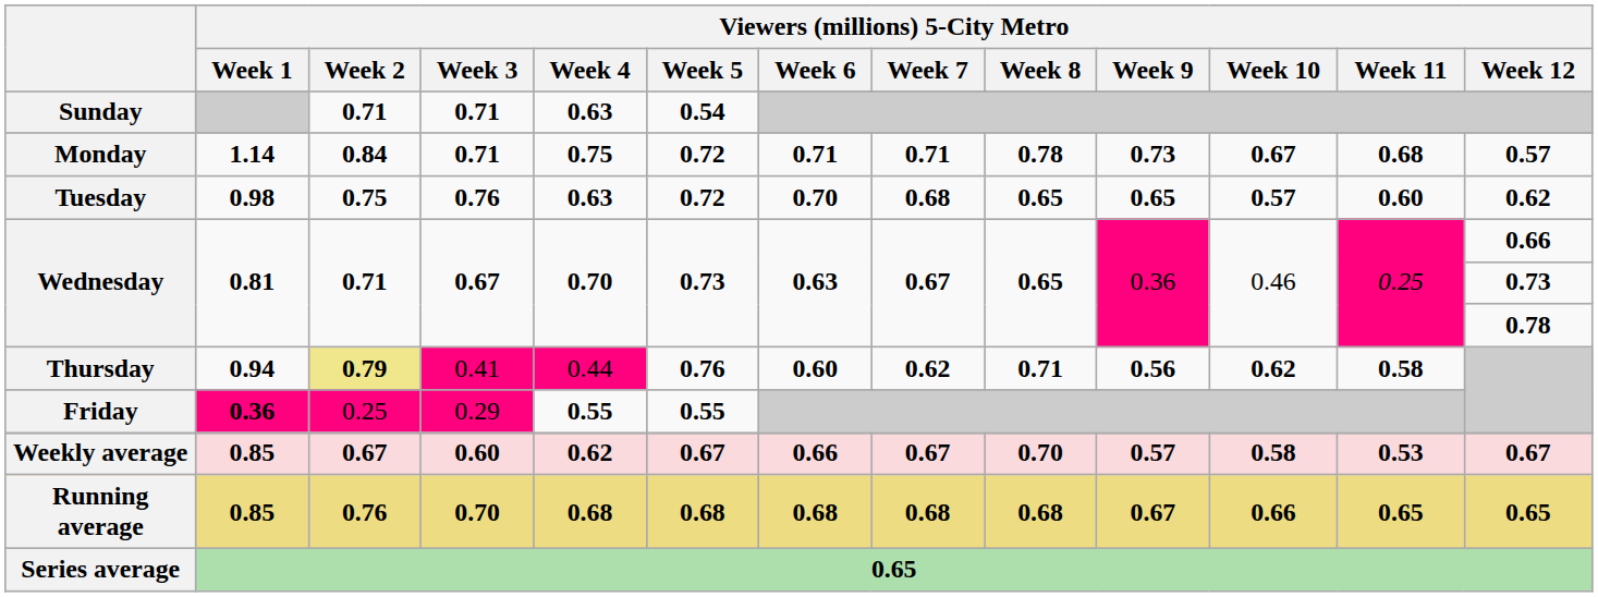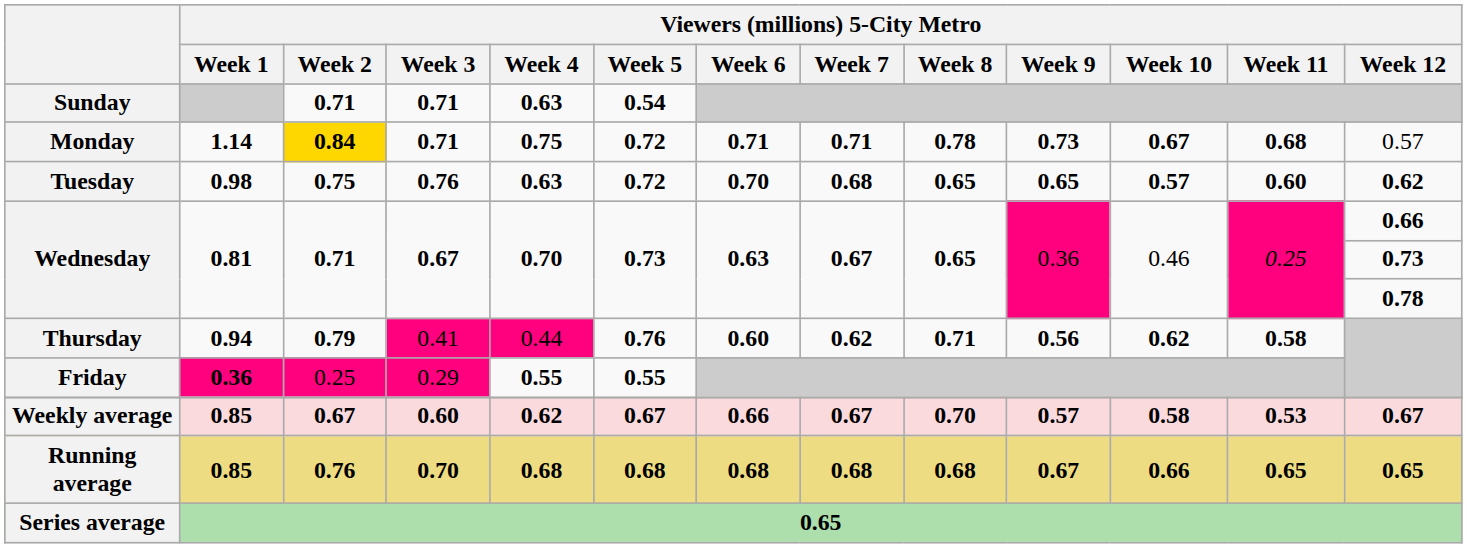 <table class="wikitable" style="font-size:90%; text-align:center; width: 100%; margin-left: auto; margin-right: auto;">
 <tr>
 <th scope="col" rowspan="2" style="width:12%;"></th>
 <th scope=col colspan=12>Viewers (millions) 5-City Metro</th>
 </tr>
 <tr>
 <th>Week 1</th>
 <th>Week 2</th>
 <th>Week 3</th>
 <th>Week 4</th>
 <th>Week 5</th>
 <th>Week 6</th>
 <th>Week 7</th>
 <th>Week 8</th>
 <th>Week 9</th>
 <th>Week 10</th>
 <th>Week 11</th>
 <th>Week 12</th>
 </tr>
 <tr>
 <th>Sunday</th>
 <td style="background:#CCCCCC;"></td>
 <td><strong>0.71</strong></td>
 <td><strong>0.71</strong></td>
 <td><strong>0.63</strong></td>
 <td><strong>0.54</strong></td>
 <td style="background:#CCCCCC;" colspan=7></td>
 </tr>
 <tr>
 <th>Monday</th>
 <td><strong>1.14</strong></td>
-<td><strong>0.84</strong></td>
+<td style="background: gold;"><strong>0.84</strong></td>
 <td><strong>0.71</strong></td>
 <td><strong>0.75</strong></td>
 <td><strong>0.72</strong></td>
 <td><strong>0.71</strong></td>
 <td><strong>0.71</strong></td>
 <td><strong>0.78</strong></td>
 <td><strong>0.73</strong></td>
 <td><strong>0.67</strong></td>
 <td><strong>0.68</strong></td>
-<td><strong>0.57</strong></td>
+<td>0.57</td>
 </tr>
 <tr>
 <th>Tuesday</th>
 <td><strong>0.98</strong></td>
 <td><strong>0.75</strong></td>
 <td><strong>0.76</strong></td>
 <td><strong>0.63</strong></td>
 <td><strong>0.72</strong></td>
 <td><strong>0.70</strong></td>
 <td><strong>0.68</strong></td>
 <td><strong>0.65</strong></td>
 <td><strong>0.65</strong></td>
 <td><strong>0.57</strong></td>
 <td><strong>0.60</strong></td>
 <td><strong>0.62</strong></td>
 </tr>
 <tr>
 <th rowspan=3>Wednesday</th>
 <td rowspan=3><strong>0.81</strong></td>
 <td rowspan=3><strong>0.71</strong></td>
 <td rowspan=3><strong>0.67</strong></td>
 <td rowspan=3><strong>0.70</strong></td>
 <td rowspan=3><strong>0.73</strong></td>
 <td rowspan=3><strong>0.63</strong></td>
 <td rowspan=3><strong>0.67</strong></td>
 <td rowspan=3><strong>0.65</strong></td>
 <td style="background:#FF007F;" rowspan=3>0.36</td>
 <td rowspan=3>0.46</td>
 <td style="background:#FF007F;" rowspan=3><em>0.25</em></td>
 <td><strong>0.66</strong></td>
 </tr>
 <tr>
 <td><strong>0.73</strong></td>
 </tr>
 <tr>
 <td><strong>0.78</strong></td>
 </tr>
 <tr>
 <th>Thursday</th>
 <td><strong>0.94</strong></td>
-<td style="background: khaki;"><strong>0.79</strong></td>
+<td><strong>0.79</strong></td>
 <td style="background:#FF007F;">0.41</td>
 <td style="background:#FF007F;">0.44</td>
 <td><strong>0.76</strong></td>
 <td><strong>0.60</strong></td>
 <td><strong>0.62</strong></td>
 <td><strong>0.71</strong></td>
 <td><strong>0.56</strong></td>
 <td><strong>0.62</strong></td>
 <td><strong>0.58</strong></td>
 <td style="background:#CCCCCC;" rowspan=2></td>
 </tr>
 <tr>
 <th>Friday</th>
 <td style="background:#FF007F;"><strong>0.36</strong></td>
 <td style="background:#FF007F;">0.25</td>
 <td style="background:#FF007F;">0.29</td>
 <td><strong>0.55</strong></td>
 <td><strong>0.55</strong></td>
 <td style="background:#CCCCCC;" colspan=7></td>
 </tr>
 <tr>
 </tr>
 <tr style="background:#FADADD;" |>
 <th>Weekly average</th>
 <td><strong>0.85</strong></td>
 <td><strong>0.67</strong></td>
 <td><strong>0.60</strong></td>
 <td><strong>0.62</strong></td>
 <td><strong>0.67</strong></td>
 <td><strong>0.66</strong></td>
 <td><strong>0.67</strong></td>
 <td><strong>0.70</strong></td>
 <td><strong>0.57</strong></td>
 <td><strong>0.58</strong></td>
 <td><strong>0.53</strong></td>
 <td><strong>0.67</strong></td>
 </tr>
 <tr style="background:#EEDC82;" |>
 <th>Running average</th>
 <td><strong>0.85</strong></td>
 <td><strong>0.76</strong></td>
 <td><strong>0.70</strong></td>
 <td><strong>0.68</strong></td>
 <td><strong>0.68</strong></td>
 <td><strong>0.68</strong></td>
 <td><strong>0.68</strong></td>
 <td><strong>0.68</strong></td>
 <td><strong>0.67</strong></td>
 <td><strong>0.66</strong></td>
 <td><strong>0.65</strong></td>
 <td><strong>0.65</strong></td>
 </tr>
 <tr style="background:#ADDFAD;" |>
 <th>Series average</th>
 <td colspan="12"><strong>0.65</strong></td>
 </tr>
 </table>
